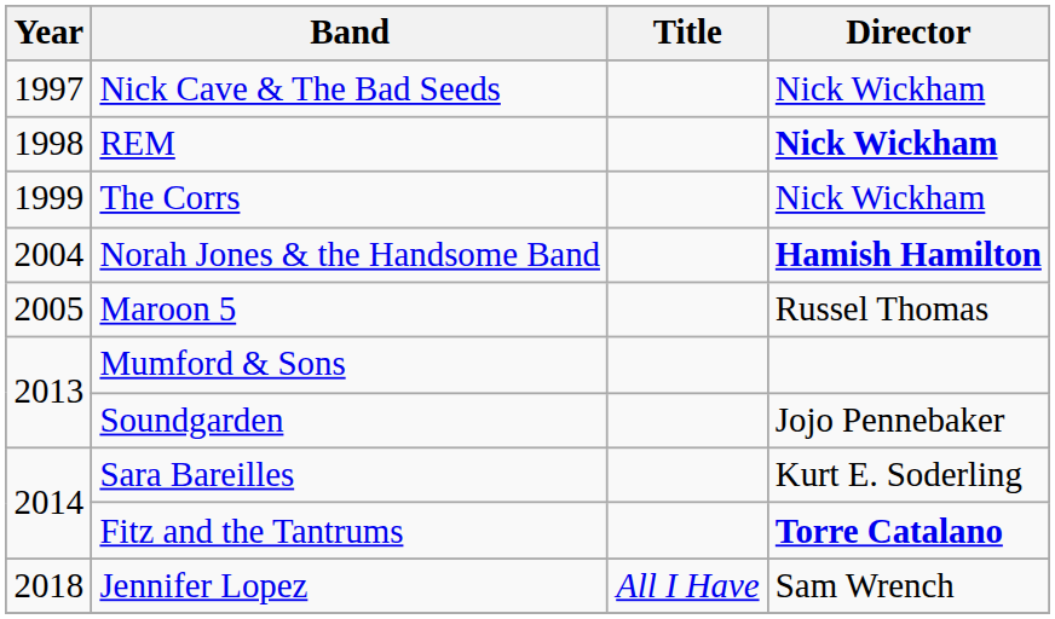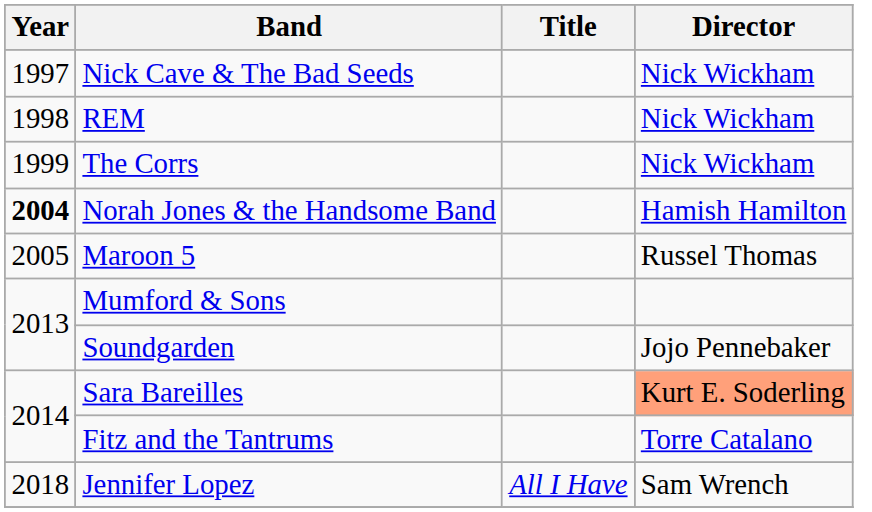 <table class="wikitable">
 <tr>
 <th>Year</th>
 <th>Band</th>
 <th>Title</th>
 <th>Director</th>
 </tr>
 <tr>
 <td>1997</td>
 <td><a href='#'>Nick Cave & The Bad Seeds</a></td>
 <td></td>
 <td><a href='#'>Nick Wickham</a></td>
 </tr>
 <tr>
 <td>1998</td>
 <td><a href='#'>REM</a></td>
 <td></td>
-<td><strong><a href='#'>Nick Wickham</a></strong></td>
+<td><a href='#'>Nick Wickham</a></td>
 </tr>
 <tr>
 <td>1999</td>
 <td><a href='#'>The Corrs</a></td>
 <td></td>
 <td><a href='#'>Nick Wickham</a></td>
 </tr>
 <tr>
-<td>2004</td>
+<td><strong>2004</strong></td>
 <td><a href='#'> Norah Jones & the Handsome Band</a></td>
 <td></td>
-<td><strong><a href='#'>Hamish Hamilton</a></strong></td>
+<td><a href='#'>Hamish Hamilton</a></td>
 </tr>
 <tr>
 <td>2005</td>
 <td><a href='#'>Maroon 5</a></td>
 <td></td>
 <td>Russel Thomas</td>
 </tr>
 <tr>
 <td rowspan=2>2013</td>
 <td><a href='#'>Mumford & Sons</a></td>
 <td></td>
 <td></td>
 </tr>
 <tr>
 <td><a href='#'>Soundgarden</a></td>
 <td></td>
 <td>Jojo Pennebaker</td>
 </tr>
 <tr>
 <td rowspan=2>2014</td>
 <td><a href='#'>Sara Bareilles</a></td>
 <td></td>
-<td>Kurt E. Soderling</td>
+<td style="background: lightsalmon;">Kurt E. Soderling</td>
 </tr>
 <tr>
 <td><a href='#'>Fitz and the Tantrums</a></td>
 <td></td>
-<td><strong><a href='#'>Torre Catalano</a></strong></td>
+<td><a href='#'>Torre Catalano</a></td>
 </tr>
 <tr>
 <td>2018</td>
 <td><a href='#'>Jennifer Lopez</a></td>
 <td><a href='#'><em>All I Have</em></a></td>
 <td>Sam Wrench</td>
 </tr>
 <tr>
 </tr>
 </table>
